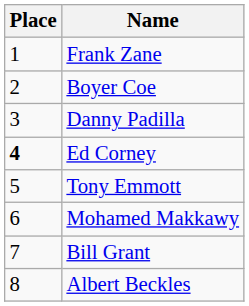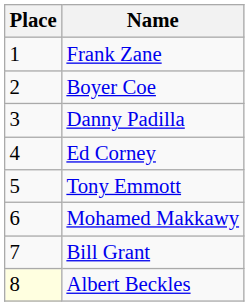 <table class="wikitable">
 <tr>
 <th>Place</th>
 <th>Name</th>
 </tr>
 <tr>
 <td>1</td>
 <td> <a href='#'>Frank Zane</a></td>
 </tr>
 <tr>
 <td>2</td>
 <td> <a href='#'>Boyer Coe</a></td>
 </tr>
 <tr>
 <td>3</td>
 <td> <a href='#'>Danny Padilla</a></td>
 </tr>
 <tr>
-<td><strong>4</strong></td>
+<td>4</td>
 <td> <a href='#'>Ed Corney</a></td>
 </tr>
 <tr>
 <td>5</td>
 <td> <a href='#'>Tony Emmott</a></td>
 </tr>
 <tr>
 <td>6</td>
 <td> <a href='#'>Mohamed Makkawy</a></td>
 </tr>
 <tr>
 <td>7</td>
 <td> <a href='#'>Bill Grant</a></td>
 </tr>
 <tr>
-<td>8</td>
+<td style="background: lightyellow;">8</td>
 <td> <a href='#'>Albert Beckles</a></td>
 </tr>
 </table>
